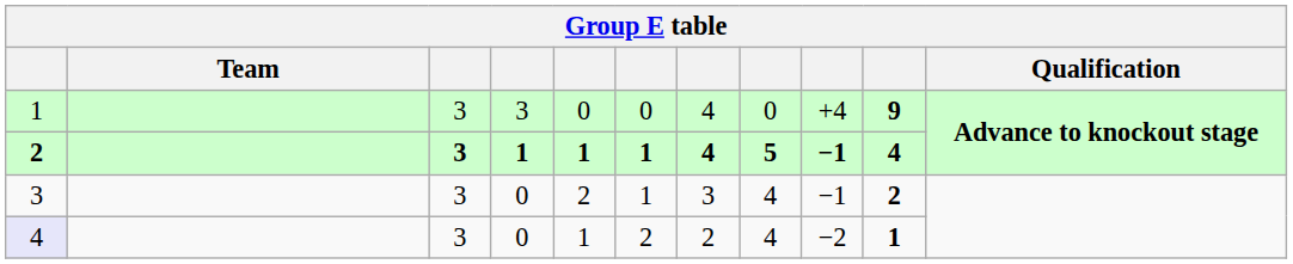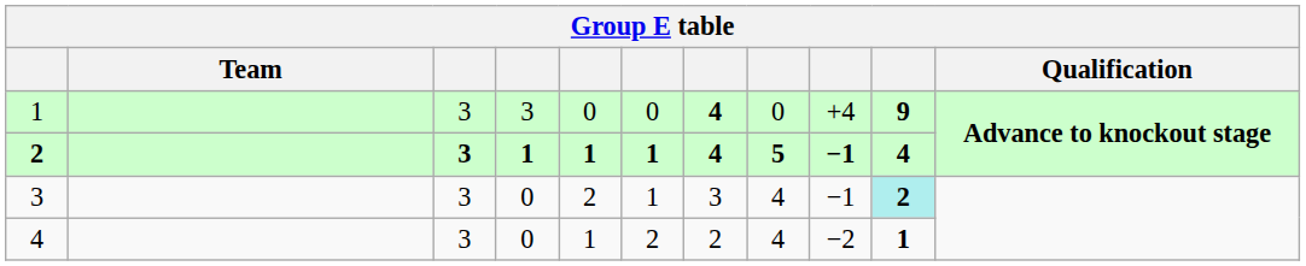 <table class="wikitable" style="text-align:center">
 <tr>
 <th colspan="11"><a href='#'>Group E</a> table</th>
 </tr>
 <tr>
 <th width="30"></th>
 <th width="210">Team</th>
 <th width="30"></th>
 <th width="30"></th>
 <th width="30"></th>
 <th width="30"></th>
 <th width="30"></th>
 <th width="30"></th>
 <th width="30"></th>
 <th width="30"></th>
 <th width="210">Qualification</th>
 </tr>
 <tr bgcolor="#ccffcc">
 <td>1</td>
 <td align="left"></td>
 <td>3</td>
 <td>3</td>
 <td>0</td>
 <td>0</td>
-<td>4</td>
+<td><strong>4</strong></td>
 <td>0</td>
 <td>+4</td>
 <td><strong>9</strong></td>
 <td rowspan="2"><strong>Advance to knockout stage</strong></td>
 </tr>
 <tr bgcolor="#ccffcc">
 <td><strong>2</strong></td>
 <td align="left"><strong></strong></td>
 <td><strong>3</strong></td>
 <td><strong>1</strong></td>
 <td><strong>1</strong></td>
 <td><strong>1</strong></td>
 <td><strong>4</strong></td>
 <td><strong>5</strong></td>
 <td><strong>−1</strong></td>
 <td><strong>4</strong></td>
 </tr>
 <tr>
 <td>3</td>
 <td align="left"></td>
 <td>3</td>
 <td>0</td>
 <td>2</td>
 <td>1</td>
 <td>3</td>
 <td>4</td>
 <td>−1</td>
-<td><strong>2</strong></td>
+<td style="background: paleturquoise;"><strong>2</strong></td>
 <td rowspan="2"></td>
 </tr>
 <tr>
-<td style="background: lavender;">4</td>
+<td>4</td>
 <td align="left"></td>
 <td>3</td>
 <td>0</td>
 <td>1</td>
 <td>2</td>
 <td>2</td>
 <td>4</td>
 <td>−2</td>
 <td><strong>1</strong></td>
 </tr>
 </table>
